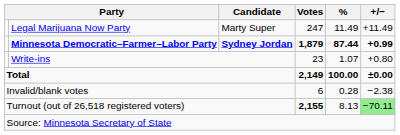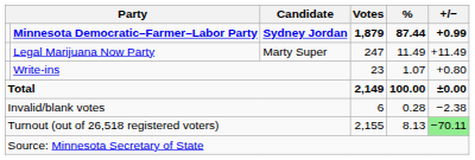 <table class="wikitable">
 <tr>
 <th colspan="2">Party</th>
 <th>Candidate</th>
 <th>Votes</th>
 <th>%</th>
 <th>+/−</th>
 </tr>
 <tr>
 <td style="background-color:"></td>
+<td><strong><a href='#'>Minnesota Democratic–Farmer–Labor Party</a></strong></td>
+<td><strong><a href='#'>Sydney Jordan</a></strong></td>
+<td align="right"><strong>1,879</strong></td>
+<td align="right"><strong>87.44</strong></td>
+<td align="right"><strong>+0.99</strong></td>
+</tr>
+<tr>
+<td style="background-color:"></td>
 <td><a href='#'>Legal Marijuana Now Party</a></td>
 <td>Marty Super</td>
 <td align="right">247</td>
 <td align="right">11.49</td>
 <td align="right">+11.49</td>
-</tr>
-<tr>
-<td style="background-color:"></td>
-<td><strong><a href='#'>Minnesota Democratic–Farmer–Labor Party</a></strong></td>
-<td><strong><a href='#'>Sydney Jordan</a></strong></td>
-<td align="right"><strong>1,879</strong></td>
-<td align="right"><strong>87.44</strong></td>
-<td align="right"><strong>+0.99</strong></td>
 </tr>
 <tr>
 <td style="background-color:"></td>
 <td colspan="2"><a href='#'>Write-ins</a></td>
 <td align="right">23</td>
 <td align="right">1.07</td>
 <td align="right">+0.80</td>
 </tr>
 <tr>
 <td colspan="3"><strong>Total</strong></td>
 <td style="font-weight:bold" align="right">2,149</td>
 <td style="font-weight:bold" align="right">100.00</td>
 <td style="font-weight:bold" align="right">±0.00</td>
 </tr>
 <tr>
 <td colspan="3">Invalid/blank votes</td>
 <td align="right">6</td>
 <td align="right">0.28</td>
 <td align="right">−2.38</td>
 </tr>
 <tr>
 <td colspan="3">Turnout (out of 26,518 registered voters)</td>
-<td align="right"><strong>2,155</strong></td>
+<td align="right">2,155</td>
 <td align="right">8.13</td>
 <td align="right" style="background: lightgreen;">−70.11</td>
 </tr>
 <tr>
 <td colspan="6">Source: <a href='#'>Minnesota Secretary of State</a></td>
 </tr>
 </table>
